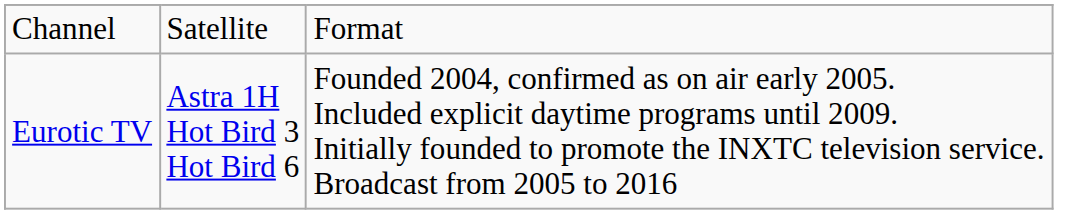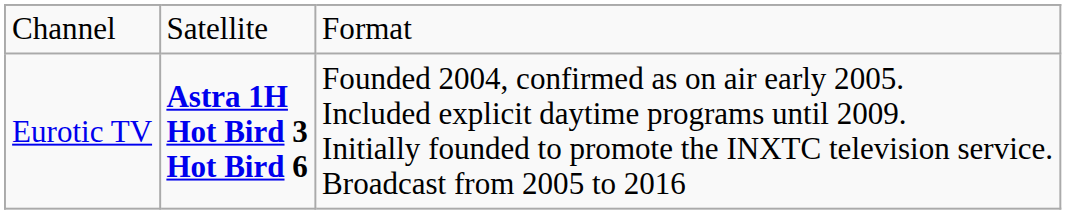 <table class="wikitable">
 <tr>
 <td>Channel</td>
 <td>Satellite</td>
 <td>Format</td>
 </tr>
 <tr>
 <td><a href='#'>Eurotic TV</a></td>
-<td><a href='#'>Astra 1H</a> <br> <a href='#'>Hot Bird</a> 3 <br> <a href='#'>Hot Bird</a> 6</td>
+<td><strong><a href='#'>Astra 1H</a> <br> <a href='#'>Hot Bird</a> 3 <br> <a href='#'>Hot Bird</a> 6</strong></td>
 <td>Founded 2004, confirmed as on air early 2005. <br> Included explicit daytime programs until 2009. <br> Initially founded to promote the INXTC television service. <br> Broadcast from 2005 to 2016</td>
 </tr>
 </table>
